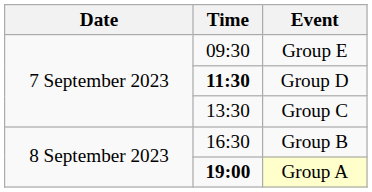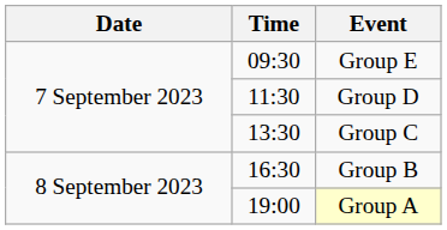 <table class = "wikitable" style="text-align:center;">
 <tr>
 <th width=150>Date</th>
 <th width=50>Time</th>
 <th width=80>Event</th>
 </tr>
 <tr>
 <td rowspan=3>7 September 2023</td>
 <td>09:30</td>
 <td>Group E</td>
 </tr>
 <tr>
-<td><strong>11:30</strong></td>
+<td>11:30</td>
 <td>Group D</td>
 </tr>
 <tr>
 <td>13:30</td>
 <td>Group C</td>
 </tr>
 <tr>
 <td rowspan=2>8 September 2023</td>
 <td>16:30</td>
 <td>Group B</td>
 </tr>
 <tr>
-<td><strong>19:00</strong></td>
+<td>19:00</td>
 <td bgcolor=ffffcc>Group A</td>
 </tr>
 </table>
